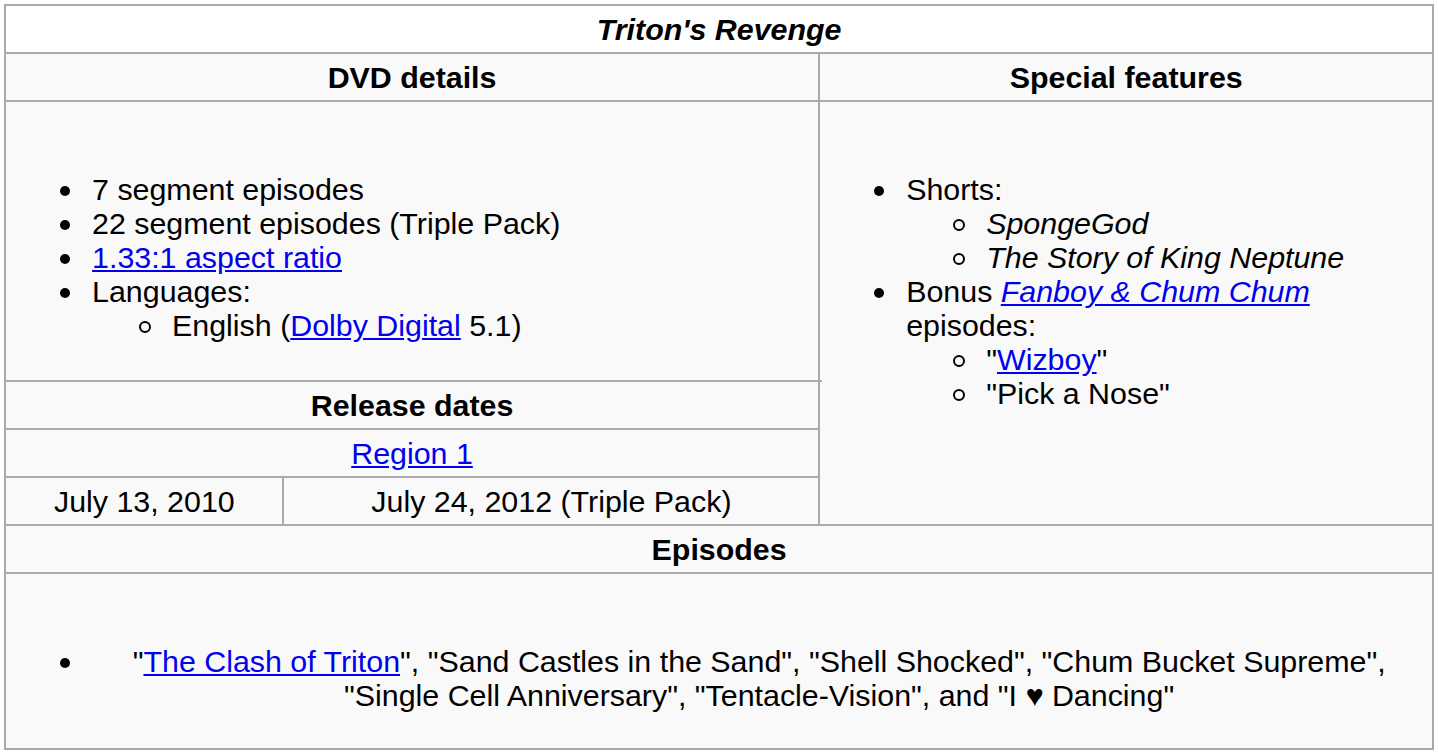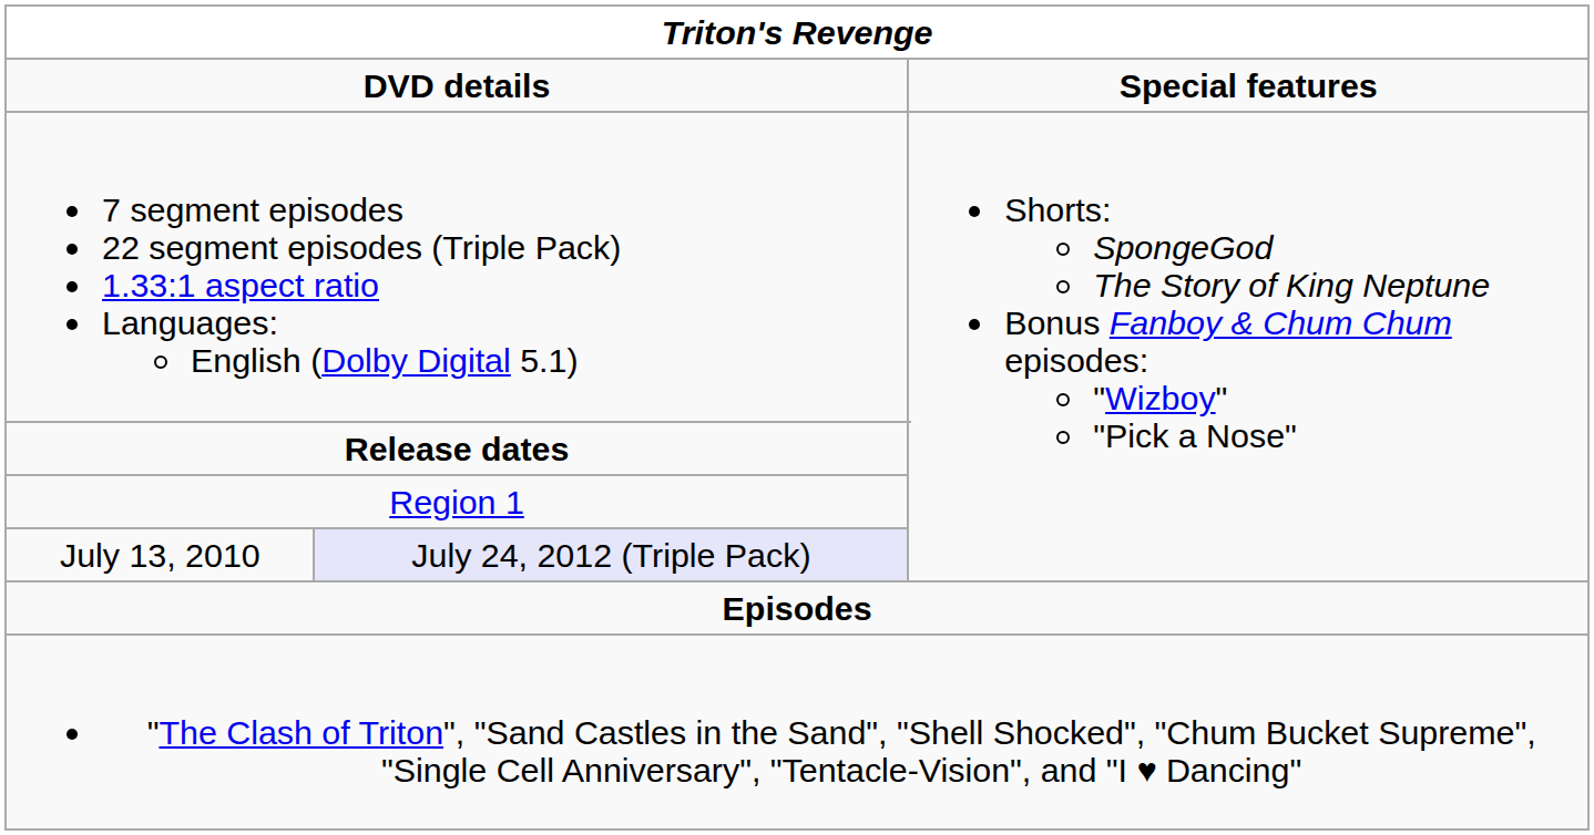 <table class="wikitable" style="font-size: 95%;">
 <tr style="background:#FFF; color:#000;">
 <td colspan="4" align="center"><strong><em>Triton's Revenge</em></strong></td>
 </tr>
 <tr valign="top">
 <td style="text-align:center; width:400px;" colspan="3"><strong>DVD details</strong></td>
 <td style="width:300px; text-align:center;"><strong>Special features</strong></td>
 </tr>
 <tr valign="top">
 <td colspan="3" style="text-align:left; width:400px;"><br><ul><li>7 segment episodes</li><li>22 segment episodes (Triple Pack)</li><li><a href='#'>1.33:1 aspect ratio</a></li><li>Languages:<ul><li>English (<a href='#'>Dolby Digital</a> 5.1)</li></ul></li></ul></td>
 <td rowspan="4" style="text-align:left; width:300px;"><br><ul><li>Shorts:<ul><li><em>SpongeGod</em></li><li><em>The Story of King Neptune</em></li></ul></li><li>Bonus <em><a href='#'>Fanboy & Chum Chum</a></em> episodes:<ul><li>"<a href='#'>Wizboy</a>"</li><li>"Pick a Nose"</li></ul></li></ul></td>
 </tr>
 <tr>
 <td colspan="3" style="text-align:center;"><strong>Release dates</strong></td>
 </tr>
 <tr>
 <td colspan="3" style="text-align:center;"><a href='#'>Region 1</a></td>
 </tr>
 <tr style="text-align:center;">
 <td>July 13, 2010</td>
-<td>July 24, 2012 (Triple Pack)</td>
+<td style="background: lavender;">July 24, 2012 (Triple Pack)</td>
 </tr>
 <tr>
 <td style="text-align:center; width:400px;" colspan="4"><strong>Episodes</strong></td>
 </tr>
 <tr>
 <td style="text-align:center; width:400px;" colspan="4"><br><ul><li>"<a href='#'>The Clash of Triton</a>", "Sand Castles in the Sand", "Shell Shocked", "Chum Bucket Supreme", "Single Cell Anniversary", "Tentacle-Vision", and "I ♥ Dancing"</li></ul></td>
 </tr>
 </table>
